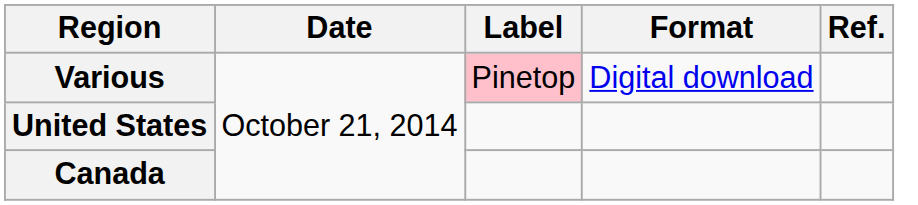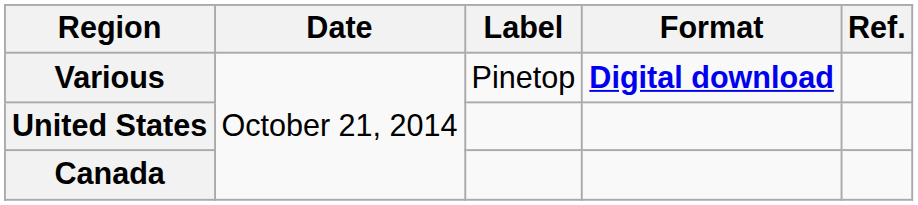 <table class="wikitable plainrowheaders">
 <tr>
 <th>Region</th>
 <th>Date</th>
 <th>Label</th>
 <th>Format</th>
 <th>Ref.</th>
 </tr>
 <tr>
 <th scope="row">Various</th>
 <td rowspan="3">October 21, 2014</td>
-<td style="background: pink;">Pinetop</td>
-<td><a href='#'>Digital download</a></td>
+<td>Pinetop</td>
+<td><strong><a href='#'>Digital download</a></strong></td>
 <td></td>
 </tr>
 <tr>
 <th scope="row">United States</th>
 <td></td>
 <td></td>
 <td></td>
 </tr>
 <tr>
 <th scope="row">Canada</th>
 <td></td>
 <td></td>
 <td></td>
 </tr>
 </table>
